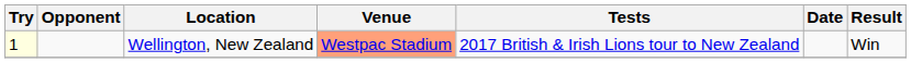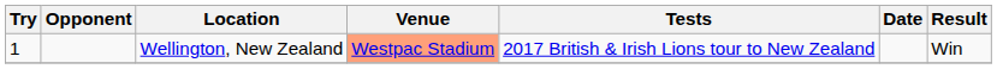 <table class="wikitable sortable">
 <tr>
 <th>Try</th>
 <th>Opponent</th>
 <th>Location</th>
 <th>Venue</th>
 <th>Tests</th>
 <th>Date</th>
 <th>Result</th>
 </tr>
 <tr>
-<td style="background: lightyellow;">1</td>
+<td>1</td>
 <td></td>
 <td><a href='#'>Wellington</a>, New Zealand</td>
 <td style="background: lightsalmon;"><a href='#'>Westpac Stadium</a></td>
 <td><a href='#'>2017 British & Irish Lions tour to New Zealand</a></td>
 <td></td>
 <td>Win</td>
 </tr>
 <tr>
 </tr>
 </table>
